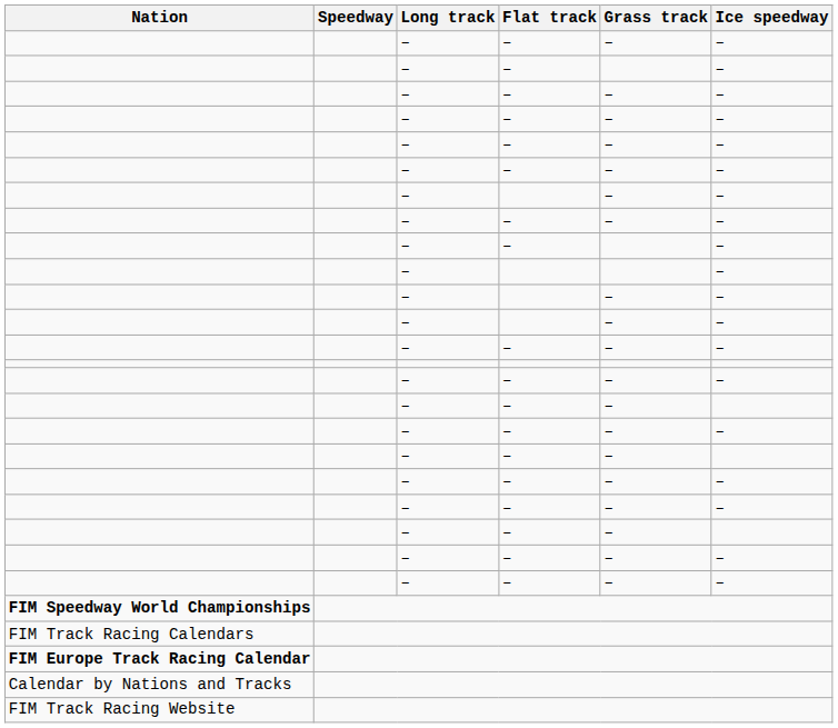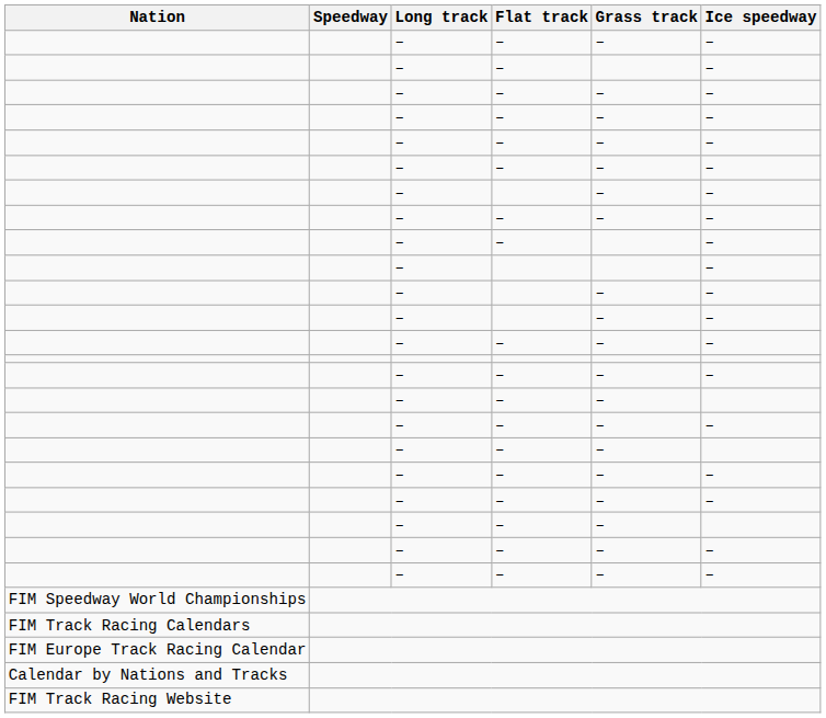 <table class=wikitable style="font-size:14px">
 <tr>
 <th>Nation</th>
 <th>Speedway</th>
 <th>Long track</th>
 <th>Flat track</th>
 <th>Grass track</th>
 <th>Ice speedway</th>
 </tr>
 <tr>
 <td></td>
 <td></td>
 <td>–</td>
 <td>–</td>
 <td>–</td>
 <td>–</td>
 </tr>
 <tr>
 <td></td>
 <td></td>
 <td>–</td>
 <td>–</td>
 <td></td>
 <td>–</td>
 </tr>
 <tr>
 <td></td>
 <td></td>
 <td>–</td>
 <td>–</td>
 <td>–</td>
 <td>–</td>
 </tr>
 <tr>
 <td></td>
 <td></td>
 <td>–</td>
 <td>–</td>
 <td>–</td>
 <td>–</td>
 </tr>
 <tr>
 <td></td>
 <td></td>
 <td>–</td>
 <td>–</td>
 <td>–</td>
 <td>–</td>
 </tr>
 <tr>
 <td></td>
 <td></td>
 <td>–</td>
 <td>–</td>
 <td>–</td>
 <td>–</td>
 </tr>
 <tr>
 <td></td>
 <td></td>
 <td>–</td>
 <td></td>
 <td>–</td>
 <td>–</td>
 </tr>
 <tr>
 <td></td>
 <td></td>
 <td>–</td>
 <td>–</td>
 <td>–</td>
 <td>–</td>
 </tr>
 <tr>
 <td></td>
 <td></td>
 <td>–</td>
 <td>–</td>
 <td></td>
 <td>–</td>
 </tr>
 <tr>
 <td></td>
 <td></td>
 <td>–</td>
 <td></td>
 <td></td>
 <td>–</td>
 </tr>
 <tr>
 <td></td>
 <td></td>
 <td>–</td>
 <td></td>
 <td>–</td>
 <td>–</td>
 </tr>
 <tr>
 <td></td>
 <td></td>
 <td>–</td>
 <td></td>
 <td>–</td>
 <td>–</td>
 </tr>
 <tr>
 <td></td>
 <td></td>
 <td>–</td>
 <td>–</td>
 <td>–</td>
 <td>–</td>
 </tr>
 <tr>
 <td></td>
 <td></td>
 <td></td>
 <td></td>
 <td></td>
 <td></td>
 </tr>
 <tr>
 <td></td>
 <td></td>
 <td>–</td>
 <td>–</td>
 <td>–</td>
 <td>–</td>
 </tr>
 <tr>
 <td></td>
 <td></td>
 <td>–</td>
 <td>–</td>
 <td>–</td>
 <td></td>
 </tr>
 <tr>
 <td></td>
 <td></td>
 <td>–</td>
 <td>–</td>
 <td>–</td>
 <td>–</td>
 </tr>
 <tr>
 <td></td>
 <td></td>
 <td>–</td>
 <td>–</td>
 <td>–</td>
 <td></td>
 </tr>
 <tr>
 <td></td>
 <td></td>
 <td>–</td>
 <td>–</td>
 <td>–</td>
 <td>–</td>
 </tr>
 <tr>
 <td></td>
 <td></td>
 <td>–</td>
 <td>–</td>
 <td>–</td>
 <td>–</td>
 </tr>
 <tr>
 <td></td>
 <td></td>
 <td>–</td>
 <td>–</td>
 <td>–</td>
 <td></td>
 </tr>
 <tr>
 <td></td>
 <td></td>
 <td>–</td>
 <td>–</td>
 <td>–</td>
 <td>–</td>
 </tr>
 <tr>
 <td></td>
 <td></td>
 <td>–</td>
 <td>–</td>
 <td>–</td>
 <td>–</td>
 </tr>
 <tr>
-<td><strong>FIM Speedway World Championships</strong></td>
+<td>FIM Speedway World Championships</td>
 <td colspan=5></td>
 </tr>
 <tr>
 <td>FIM Track Racing Calendars</td>
 <td colspan=5></td>
 </tr>
 <tr>
-<td><strong>FIM Europe Track Racing Calendar</strong></td>
+<td>FIM Europe Track Racing Calendar</td>
 <td colspan=5></td>
 </tr>
 <tr>
 <td>Calendar by Nations and Tracks</td>
 <td colspan=5></td>
 </tr>
 <tr>
 <td>FIM Track Racing Website</td>
 <td colspan=5></td>
 </tr>
 </table>
